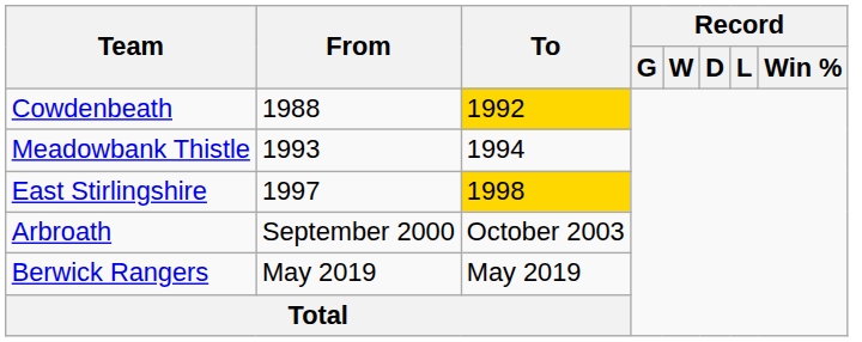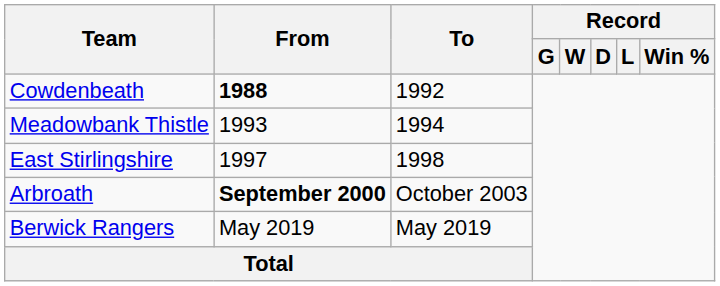 <table class="wikitable" style="text-align: center">
 <tr>
 <th rowspan=2>Team</th>
 <th rowspan=2>From</th>
 <th rowspan=2>To</th>
 <th colspan=5>Record</th>
 </tr>
 <tr>
 <th>G</th>
 <th>W</th>
 <th>D</th>
 <th>L</th>
 <th>Win %</th>
 </tr>
 <tr>
 <td align=left><a href='#'>Cowdenbeath</a></td>
-<td align=left>1988</td>
-<td align=left style="background: gold;">1992<br></td>
+<td align=left><strong>1988</strong></td>
+<td align=left>1992<br></td>
 </tr>
 <tr>
 <td align=left><a href='#'>Meadowbank Thistle</a></td>
 <td align=left>1993</td>
 <td align=left>1994<br></td>
 </tr>
 <tr>
 <td align=left><a href='#'>East Stirlingshire</a></td>
 <td align=left>1997</td>
-<td align=left style="background: gold;">1998<br></td>
+<td align=left>1998<br></td>
 </tr>
 <tr>
 <td align=left><a href='#'>Arbroath</a></td>
-<td align=left>September 2000</td>
+<td align=left><strong>September 2000</strong></td>
 <td align=left>October 2003<br></td>
 </tr>
 <tr>
 <td align=left><a href='#'>Berwick Rangers</a></td>
 <td align=left>May 2019</td>
 <td align=left>May 2019<br></td>
 </tr>
 <tr>
 <th colspan=3>Total<br></th>
 </tr>
 </table>
